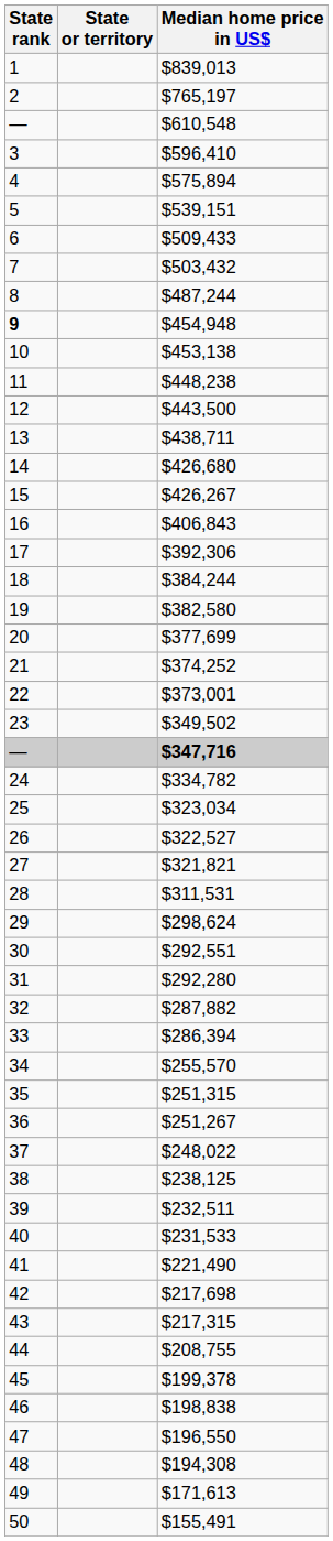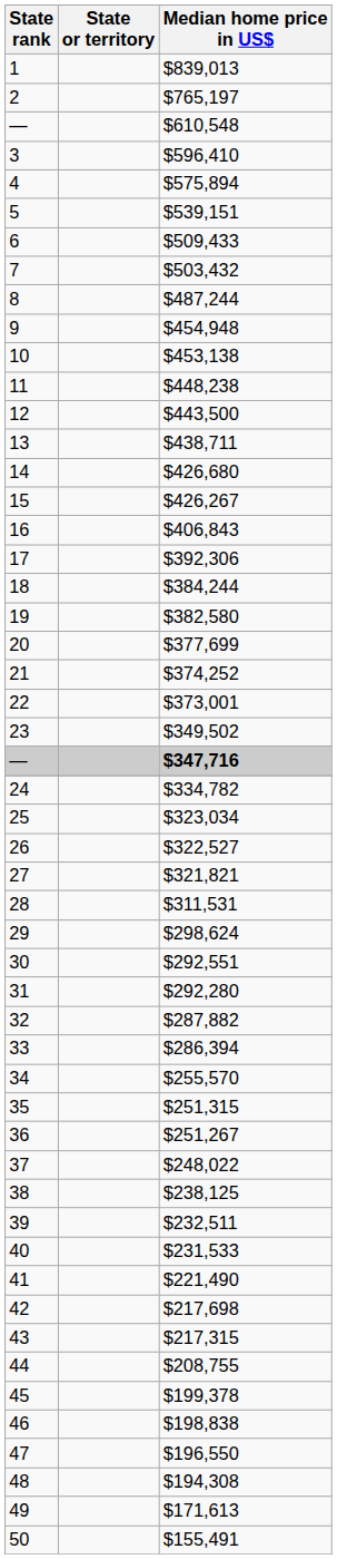 <table class="wikitable sortable" style="text-align: left">
 <tr>
 <th data-sort-type="number">State<br> rank</th>
 <th>State<br> or territory</th>
 <th>Median home price<br> in <a href='#'>US$</a></th>
 </tr>
 <tr>
 <td>1</td>
 <td></td>
 <td>$839,013</td>
 </tr>
 <tr>
 <td>2</td>
 <td></td>
 <td>$765,197</td>
 </tr>
 <tr>
 <td>—</td>
 <td></td>
 <td>$610,548</td>
 </tr>
 <tr>
 <td>3</td>
 <td></td>
 <td>$596,410</td>
 </tr>
 <tr>
 <td>4</td>
 <td></td>
 <td>$575,894</td>
 </tr>
 <tr>
 <td>5</td>
 <td></td>
 <td>$539,151</td>
 </tr>
 <tr>
 <td>6</td>
 <td></td>
 <td>$509,433</td>
 </tr>
 <tr>
 <td>7</td>
 <td></td>
 <td>$503,432</td>
 </tr>
 <tr>
 <td>8</td>
 <td></td>
 <td>$487,244</td>
 </tr>
 <tr>
-<td><strong>9</strong></td>
+<td>9</td>
 <td></td>
 <td>$454,948</td>
 </tr>
 <tr>
 <td>10</td>
 <td></td>
 <td>$453,138</td>
 </tr>
 <tr>
 <td>11</td>
 <td></td>
 <td>$448,238</td>
 </tr>
 <tr>
 <td>12</td>
 <td></td>
 <td>$443,500</td>
 </tr>
 <tr>
 <td>13</td>
 <td></td>
 <td>$438,711</td>
 </tr>
 <tr>
 <td>14</td>
 <td></td>
 <td>$426,680</td>
 </tr>
 <tr>
 <td>15</td>
 <td></td>
 <td>$426,267</td>
 </tr>
 <tr>
 <td>16</td>
 <td></td>
 <td>$406,843</td>
 </tr>
 <tr>
 <td>17</td>
 <td></td>
 <td>$392,306</td>
 </tr>
 <tr>
 <td>18</td>
 <td></td>
 <td>$384,244</td>
 </tr>
 <tr>
 <td>19</td>
 <td></td>
 <td>$382,580</td>
 </tr>
 <tr>
 <td>20</td>
 <td></td>
 <td>$377,699</td>
 </tr>
 <tr>
 <td>21</td>
 <td></td>
 <td>$374,252</td>
 </tr>
 <tr>
 <td>22</td>
 <td></td>
 <td>$373,001</td>
 </tr>
 <tr>
 <td>23</td>
 <td></td>
 <td>$349,502</td>
 </tr>
 <tr>
 <td style="background: #cccccc;">—</td>
 <td style="background: #cccccc;"><strong></strong></td>
 <td style="background: #cccccc;"><strong>$347,716</strong></td>
 </tr>
 <tr>
 </tr>
 <tr>
 <td>24</td>
 <td></td>
 <td>$334,782</td>
 </tr>
 <tr>
 <td>25</td>
 <td></td>
 <td>$323,034</td>
 </tr>
 <tr>
 <td>26</td>
 <td></td>
 <td>$322,527</td>
 </tr>
 <tr>
 <td>27</td>
 <td></td>
 <td>$321,821</td>
 </tr>
 <tr>
 <td>28</td>
 <td></td>
 <td>$311,531</td>
 </tr>
 <tr>
 <td>29</td>
 <td></td>
 <td>$298,624</td>
 </tr>
 <tr>
 <td>30</td>
 <td></td>
 <td>$292,551</td>
 </tr>
 <tr>
 <td>31</td>
 <td></td>
 <td>$292,280</td>
 </tr>
 <tr>
 <td>32</td>
 <td></td>
 <td>$287,882</td>
 </tr>
 <tr>
 <td>33</td>
 <td></td>
 <td>$286,394</td>
 </tr>
 <tr>
 <td>34</td>
 <td></td>
 <td>$255,570</td>
 </tr>
 <tr>
 <td>35</td>
 <td></td>
 <td>$251,315</td>
 </tr>
 <tr>
 <td>36</td>
 <td></td>
 <td>$251,267</td>
 </tr>
 <tr>
 <td>37</td>
 <td></td>
 <td>$248,022</td>
 </tr>
 <tr>
 <td>38</td>
 <td></td>
 <td>$238,125</td>
 </tr>
 <tr>
 <td>39</td>
 <td></td>
 <td>$232,511</td>
 </tr>
 <tr>
 <td>40</td>
 <td></td>
 <td>$231,533</td>
 </tr>
 <tr>
 <td>41</td>
 <td></td>
 <td>$221,490</td>
 </tr>
 <tr>
 <td>42</td>
 <td></td>
 <td>$217,698</td>
 </tr>
 <tr>
 <td>43</td>
 <td></td>
 <td>$217,315</td>
 </tr>
 <tr>
 <td>44</td>
 <td></td>
 <td>$208,755</td>
 </tr>
 <tr>
 <td>45</td>
 <td></td>
 <td>$199,378</td>
 </tr>
 <tr>
 <td>46</td>
 <td></td>
 <td>$198,838</td>
 </tr>
 <tr>
 <td>47</td>
 <td></td>
 <td>$196,550</td>
 </tr>
 <tr>
 <td>48</td>
 <td></td>
 <td>$194,308</td>
 </tr>
 <tr>
 <td>49</td>
 <td align="left"></td>
 <td>$171,613</td>
 </tr>
 <tr>
 <td>50</td>
 <td></td>
 <td>$155,491</td>
 </tr>
 </table>
